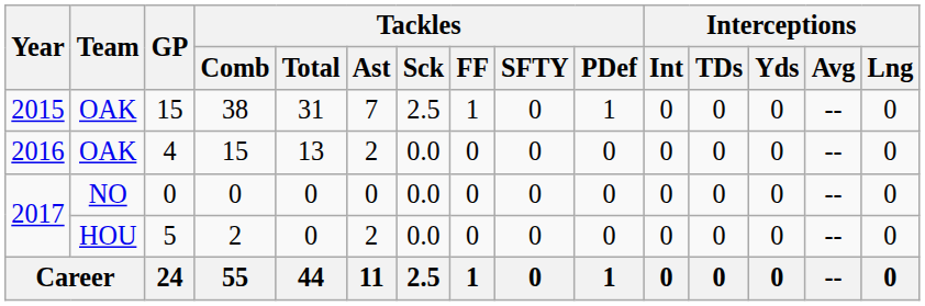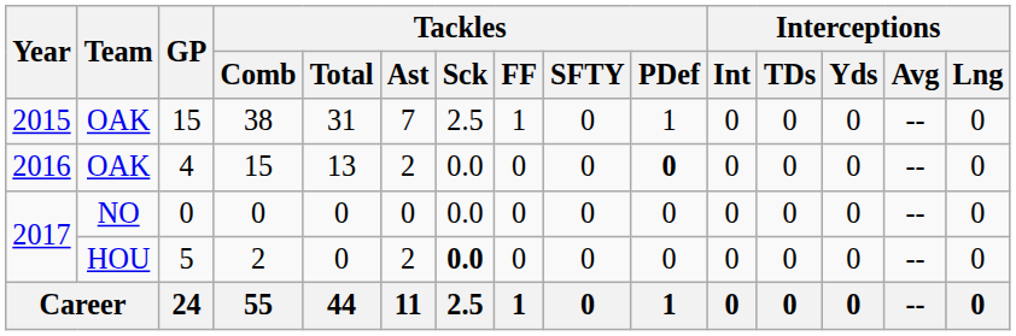 <table class="wikitable" style="text-align: center; border:0;">
 <tr>
 <th rowspan=2>Year</th>
 <th rowspan=2>Team</th>
 <th rowspan=2>GP</th>
 <th colspan=7>Tackles</th>
 <th colspan=5>Interceptions</th>
 </tr>
 <tr>
 <th>Comb</th>
 <th>Total</th>
 <th>Ast</th>
 <th>Sck</th>
 <th>FF</th>
 <th>SFTY</th>
 <th>PDef</th>
 <th>Int</th>
 <th>TDs</th>
 <th>Yds</th>
 <th>Avg</th>
 <th>Lng</th>
 </tr>
 <tr>
 <td><a href='#'>2015</a></td>
 <td><a href='#'>OAK</a></td>
 <td>15</td>
 <td>38</td>
 <td>31</td>
 <td>7</td>
 <td>2.5</td>
 <td>1</td>
 <td>0</td>
 <td>1</td>
 <td>0</td>
 <td>0</td>
 <td>0</td>
 <td>--</td>
 <td>0</td>
 </tr>
 <tr>
 <td><a href='#'>2016</a></td>
 <td><a href='#'>OAK</a></td>
 <td>4</td>
 <td>15</td>
 <td>13</td>
 <td>2</td>
 <td>0.0</td>
 <td>0</td>
 <td>0</td>
-<td>0</td>
+<td><strong>0</strong></td>
 <td>0</td>
 <td>0</td>
 <td>0</td>
 <td>--</td>
 <td>0</td>
 </tr>
 <tr>
 <td rowspan=2><a href='#'>2017</a></td>
 <td><a href='#'>NO</a></td>
 <td>0</td>
 <td>0</td>
 <td>0</td>
 <td>0</td>
 <td>0.0</td>
 <td>0</td>
 <td>0</td>
 <td>0</td>
 <td>0</td>
 <td>0</td>
 <td>0</td>
 <td>--</td>
 <td>0</td>
 </tr>
 <tr>
 <td><a href='#'>HOU</a></td>
 <td>5</td>
 <td>2</td>
 <td>0</td>
 <td>2</td>
-<td>0.0</td>
+<td><strong>0.0</strong></td>
 <td>0</td>
 <td>0</td>
 <td>0</td>
 <td>0</td>
 <td>0</td>
 <td>0</td>
 <td>--</td>
 <td>0</td>
 </tr>
 <tr>
 <th colspan=2>Career</th>
 <th>24</th>
 <th>55</th>
 <th>44</th>
 <th>11</th>
 <th>2.5</th>
 <th>1</th>
 <th>0</th>
 <th>1</th>
 <th>0</th>
 <th>0</th>
 <th>0</th>
 <th>--</th>
 <th>0</th>
 </tr>
 </table>
